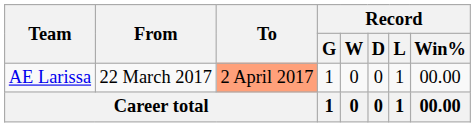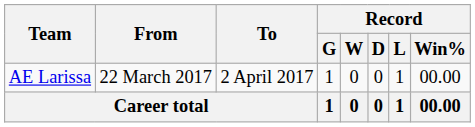 <table class="wikitable">
 <tr>
 <th rowspan="2">Team</th>
 <th rowspan="2">From</th>
 <th rowspan="2">To</th>
 <th colspan="5">Record</th>
 </tr>
 <tr>
 <th>G</th>
 <th>W</th>
 <th>D</th>
 <th>L</th>
 <th>Win%</th>
 </tr>
 <tr>
 <td> <a href='#'>AE Larissa</a></td>
 <td style="text-align: center">22 March 2017</td>
-<td style="background: lightsalmon; text-align: center">2 April 2017</td>
+<td style="text-align: center">2 April 2017</td>
 <td style="text-align: center">1</td>
 <td style="text-align: center">0</td>
 <td style="text-align: center">0</td>
 <td style="text-align: center">1</td>
 <td style="text-align: center">00.00</td>
 </tr>
 <tr>
 <th colspan="3">Career total</th>
 <th>1</th>
 <th>0</th>
 <th>0</th>
 <th>1</th>
 <th>00.00</th>
 </tr>
 </table>
